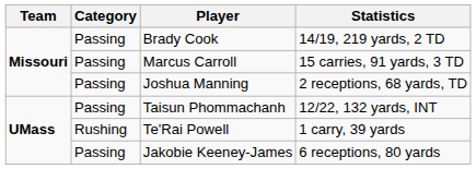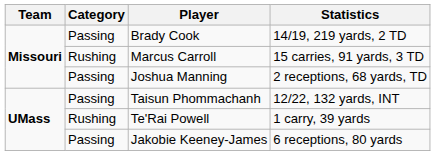 <table class="wikitable" style="float: right;">
 <tr>
 <th>Team</th>
 <th>Category</th>
 <th>Player</th>
 <th>Statistics</th>
 </tr>
 <tr>
 <td rowspan=3><strong>Missouri</strong></td>
 <td>Passing</td>
 <td>Brady Cook</td>
 <td>14/19, 219 yards, 2 TD</td>
 </tr>
 <tr>
-<td>Passing</td>
+<td>Rushing</td>
 <td>Marcus Carroll</td>
 <td>15 carries, 91 yards, 3 TD</td>
 </tr>
 <tr>
 <td>Passing</td>
 <td>Joshua Manning</td>
 <td>2 receptions, 68 yards, TD</td>
 </tr>
 <tr>
 <td rowspan=3><strong>UMass</strong></td>
 <td>Passing</td>
 <td>Taisun Phommachanh</td>
 <td>12/22, 132 yards, INT</td>
 </tr>
 <tr>
 <td>Rushing</td>
 <td>Te'Rai Powell</td>
 <td>1 carry, 39 yards</td>
 </tr>
 <tr>
 <td>Passing</td>
 <td>Jakobie Keeney-James</td>
 <td>6 receptions, 80 yards</td>
 </tr>
 </table>
